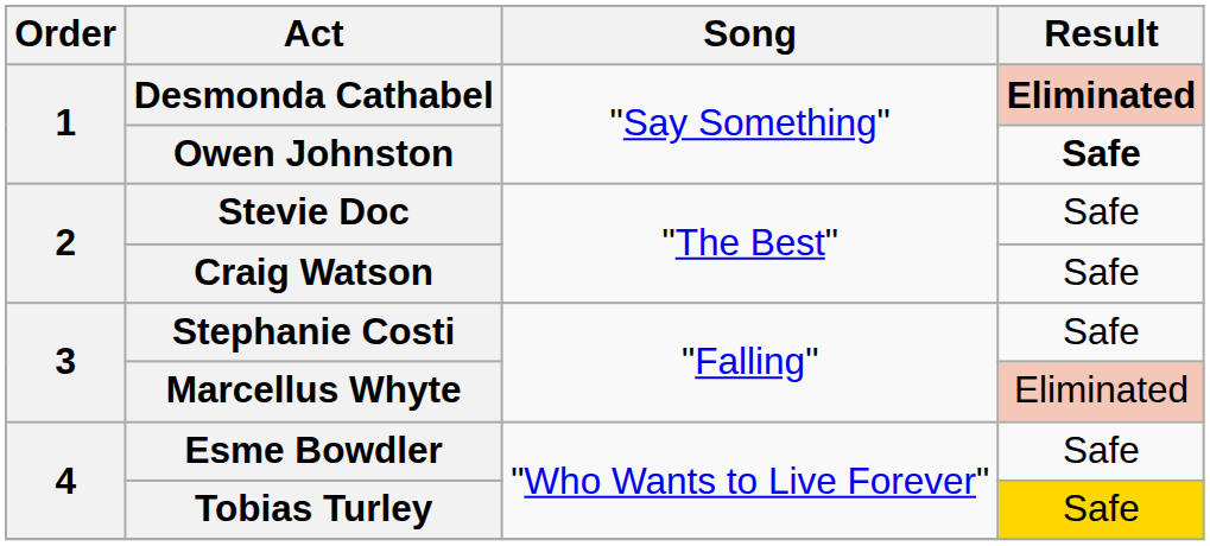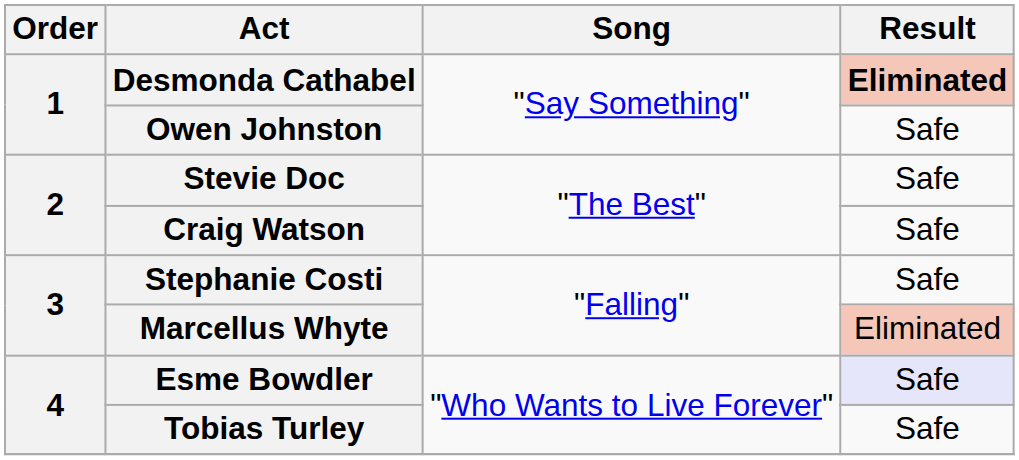 <table class="wikitable plainrowheaders" style="text-align:center;">
 <tr>
 <th scope="col">Order</th>
 <th scope="col">Act</th>
 <th scope="col">Song</th>
 <th scope="col">Result</th>
 </tr>
 <tr>
 <th rowspan="2"><strong>1</strong></th>
 <th scope="row">Desmonda Cathabel</th>
 <td rowspan="2">"<a href='#'>Say Something</a>"</td>
 <td bgcolor="f4c7b8"><strong>Eliminated</strong></td>
 </tr>
 <tr>
 <th scope="row">Owen Johnston</th>
-<td><strong>Safe</strong></td>
+<td>Safe</td>
 </tr>
 <tr>
 <th rowspan="2"><strong>2</strong></th>
 <th scope="row">Stevie Doc</th>
 <td rowspan="2">"<a href='#'>The Best</a>"</td>
 <td>Safe</td>
 </tr>
 <tr>
 <th scope="row">Craig Watson</th>
 <td>Safe</td>
 </tr>
 <tr>
 <th rowspan="2"><strong>3</strong></th>
 <th scope="row">Stephanie Costi</th>
 <td rowspan="2">"<a href='#'>Falling</a>"</td>
 <td>Safe</td>
 </tr>
 <tr>
 <th scope="row">Marcellus Whyte</th>
 <td bgcolor="f4c7b8">Eliminated</td>
 </tr>
 <tr>
 <th rowspan="2"><strong>4</strong></th>
 <th scope="row">Esme Bowdler</th>
 <td rowspan="2">"<a href='#'>Who Wants to Live Forever</a>"</td>
-<td>Safe</td>
+<td style="background: lavender;">Safe</td>
 </tr>
 <tr>
 <th scope="row">Tobias Turley</th>
-<td style="background: gold;">Safe</td>
+<td>Safe</td>
 </tr>
 <tr>
 </tr>
 </table>
